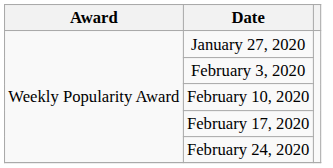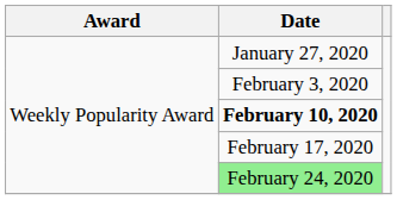 <table class="wikitable" style="text-align:center;">
 <tr>
 <th>Award</th>
 <th>Date</th>
 <th></th>
 </tr>
 <tr>
 <td rowspan="5">Weekly Popularity Award</td>
 <td align="center">January 27, 2020</td>
 <td rowspan="5"></td>
 </tr>
 <tr>
 <td align="center">February 3, 2020</td>
 </tr>
 <tr>
-<td align="center">February 10, 2020</td>
+<td align="center"><strong>February 10, 2020</strong></td>
 </tr>
 <tr>
 <td align="center">February 17, 2020</td>
 </tr>
 <tr>
-<td align="center">February 24, 2020</td>
+<td align="center" style="background: lightgreen;">February 24, 2020</td>
 </tr>
 <tr>
 </tr>
 </table>
